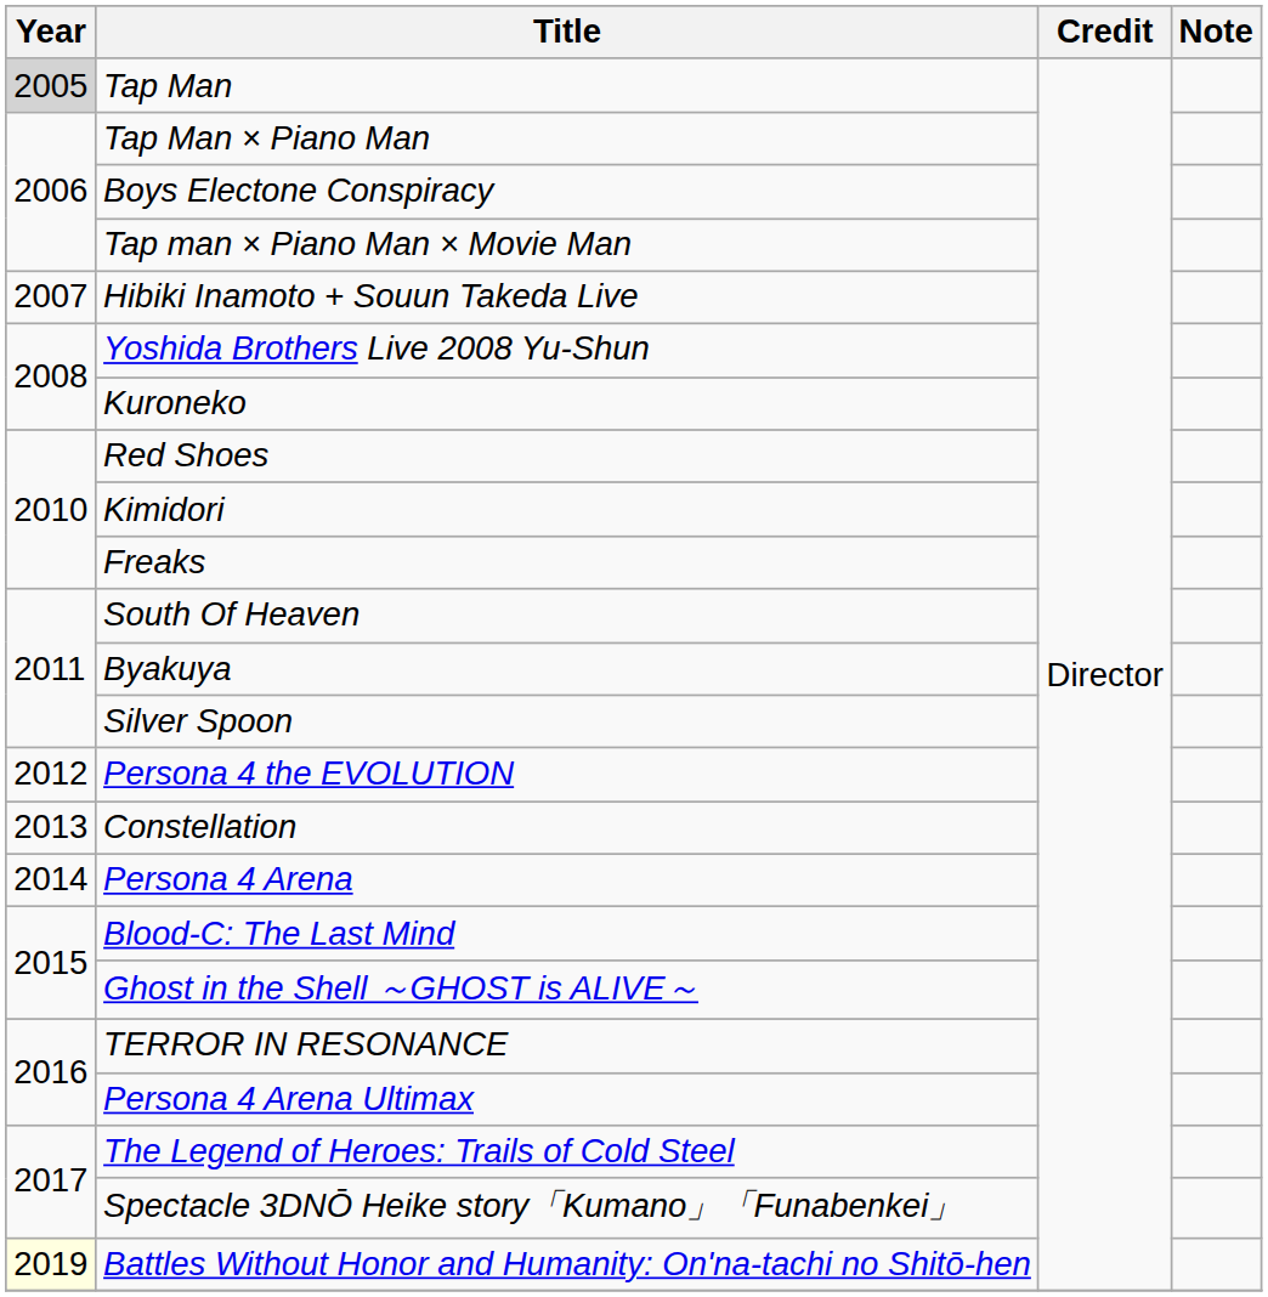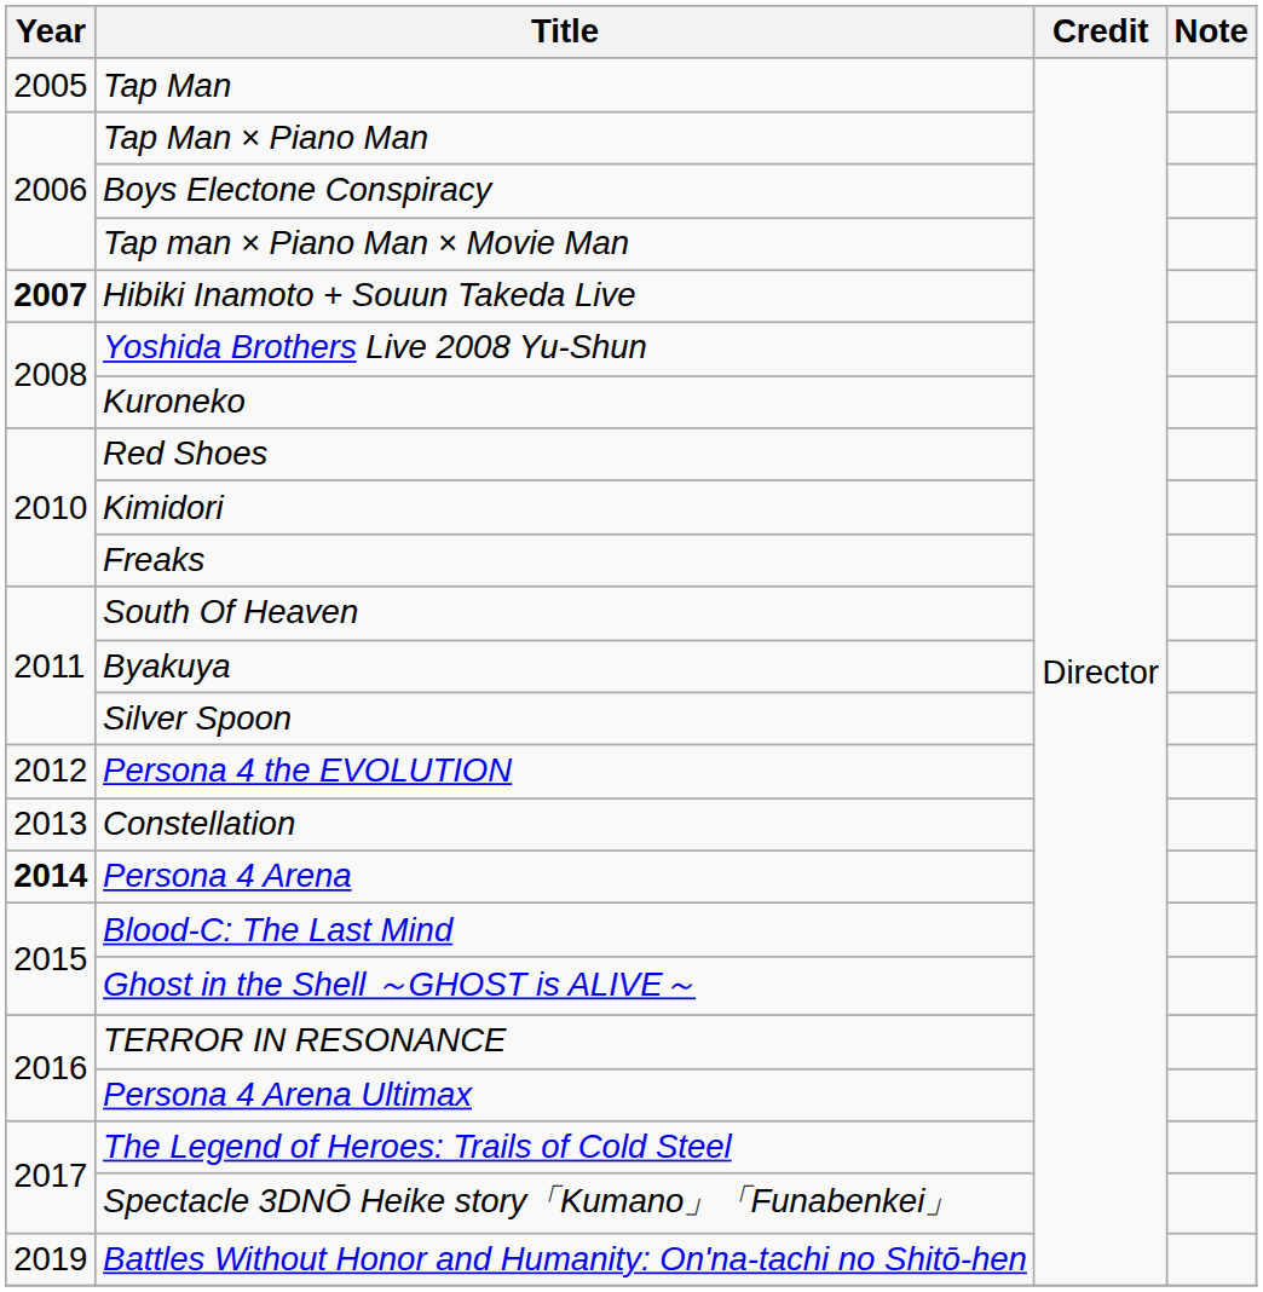 <table class="wikitable">
 <tr>
 <th>Year</th>
 <th>Title</th>
 <th>Credit</th>
 <th>Note</th>
 </tr>
 <tr>
-<td style="background: lightgrey;">2005</td>
+<td>2005</td>
 <td><em>Tap Man</em></td>
 <td rowspan="23">Director</td>
 <td></td>
 </tr>
 <tr>
 <td rowspan="3">2006</td>
 <td><em>Tap Man × Piano Man</em></td>
 <td></td>
 </tr>
 <tr>
 <td><em>Boys Electone Conspiracy</em></td>
 <td></td>
 </tr>
 <tr>
 <td><em>Tap man × Piano Man × Movie Man</em></td>
 <td></td>
 </tr>
 <tr>
-<td>2007</td>
+<td><strong>2007</strong></td>
 <td><em>Hibiki Inamoto + Souun Takeda Live</em></td>
 <td></td>
 </tr>
 <tr>
 <td rowspan="2">2008</td>
 <td><em><a href='#'>Yoshida Brothers</a> Live 2008 Yu-Shun</em></td>
 <td></td>
 </tr>
 <tr>
 <td><em>Kuroneko</em></td>
 <td></td>
 </tr>
 <tr>
 <td rowspan="3">2010</td>
 <td><em>Red Shoes</em></td>
 <td></td>
 </tr>
 <tr>
 <td><em>Kimidori</em></td>
 <td></td>
 </tr>
 <tr>
 <td><em>Freaks</em></td>
 <td></td>
 </tr>
 <tr>
 <td rowspan="3">2011</td>
 <td><em>South Of Heaven</em></td>
 <td></td>
 </tr>
 <tr>
 <td><em>Byakuya</em></td>
 <td></td>
 </tr>
 <tr>
 <td><em>Silver Spoon</em></td>
 <td></td>
 </tr>
 <tr>
 <td>2012</td>
 <td><em><a href='#'>Persona 4 the EVOLUTION</a></em></td>
 <td></td>
 </tr>
 <tr>
 <td>2013</td>
 <td><em>Constellation</em></td>
 <td></td>
 </tr>
 <tr>
-<td>2014</td>
+<td><strong>2014</strong></td>
 <td><em><a href='#'>Persona 4 Arena</a></em></td>
 <td></td>
 </tr>
 <tr>
 <td rowspan="2">2015</td>
 <td><em><a href='#'>Blood-C: The Last Mind</a></em></td>
 <td></td>
 </tr>
 <tr>
 <td><em><a href='#'>Ghost in the Shell ～GHOST is ALIVE～</a></em></td>
 <td></td>
 </tr>
 <tr>
 <td rowspan="2">2016</td>
 <td><em>TERROR IN RESONANCE</em></td>
 <td></td>
 </tr>
 <tr>
 <td><em><a href='#'>Persona 4 Arena Ultimax</a></em></td>
 <td></td>
 </tr>
 <tr>
 <td rowspan="2">2017</td>
 <td><em><a href='#'>The Legend of Heroes: Trails of Cold Steel</a></em></td>
 <td></td>
 </tr>
 <tr>
 <td><em>Spectacle 3DNŌ Heike story「Kumano」「Funabenkei」</em></td>
 <td></td>
 </tr>
 <tr>
-<td style="background: lightyellow;">2019</td>
+<td>2019</td>
 <td><em><a href='#'>Battles Without Honor and Humanity: On'na-tachi no Shitō-hen</a></em></td>
 <td></td>
 </tr>
 <tr>
 </tr>
 </table>
